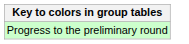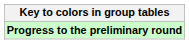 <table class="wikitable" border="1">
 <tr>
 <th>Key to colors in group tables</th>
 </tr>
 <tr style="background:#cfc;">
-<td>Progress to the preliminary round</td>
+<td><strong>Progress to the preliminary round</strong></td>
 </tr>
 </table>
